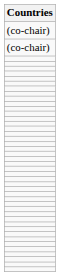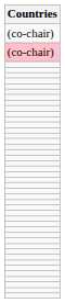 <table class="wikitable mw-collapsible mw-collapsed">
 <tr>
 <th>Countries</th>
 </tr>
 <tr>
 <td> (co-chair)</td>
 </tr>
 <tr>
-<td> (co-chair)</td>
+<td style="background: pink;"> (co-chair)</td>
 </tr>
 <tr>
 <td></td>
 </tr>
 <tr>
 <td></td>
 </tr>
 <tr>
 <td></td>
 </tr>
 <tr>
 <td></td>
 </tr>
 <tr>
 <td></td>
 </tr>
 <tr>
 <td></td>
 </tr>
 <tr>
 <td></td>
 </tr>
 <tr>
 <td></td>
 </tr>
 <tr>
 <td></td>
 </tr>
 <tr>
 <td></td>
 </tr>
 <tr>
 <td></td>
 </tr>
 <tr>
 <td></td>
 </tr>
 <tr>
 <td></td>
 </tr>
 <tr>
 <td></td>
 </tr>
 <tr>
 <td></td>
 </tr>
 <tr>
 <td></td>
 </tr>
 <tr>
 <td></td>
 </tr>
 <tr>
 <td></td>
 </tr>
 <tr>
 <td></td>
 </tr>
 <tr>
 <td></td>
 </tr>
 <tr>
 <td></td>
 </tr>
 <tr>
 <td></td>
 </tr>
 <tr>
 <td></td>
 </tr>
 <tr>
 <td></td>
 </tr>
 <tr>
 <td></td>
 </tr>
 <tr>
 <td></td>
 </tr>
 <tr>
 <td></td>
 </tr>
 <tr>
 <td></td>
 </tr>
 <tr>
 <td></td>
 </tr>
 <tr>
 <td></td>
 </tr>
 <tr>
 <td></td>
 </tr>
 <tr>
 <td></td>
 </tr>
 <tr>
 <td></td>
 </tr>
 <tr>
 <td></td>
 </tr>
 <tr>
 <td></td>
 </tr>
 <tr>
 <td></td>
 </tr>
 <tr>
 <td></td>
 </tr>
 <tr>
 <td></td>
 </tr>
 <tr>
 <td></td>
 </tr>
 <tr>
 <td></td>
 </tr>
 <tr>
 <td></td>
 </tr>
 <tr>
 <td></td>
 </tr>
 <tr>
 <td></td>
 </tr>
 </table>
